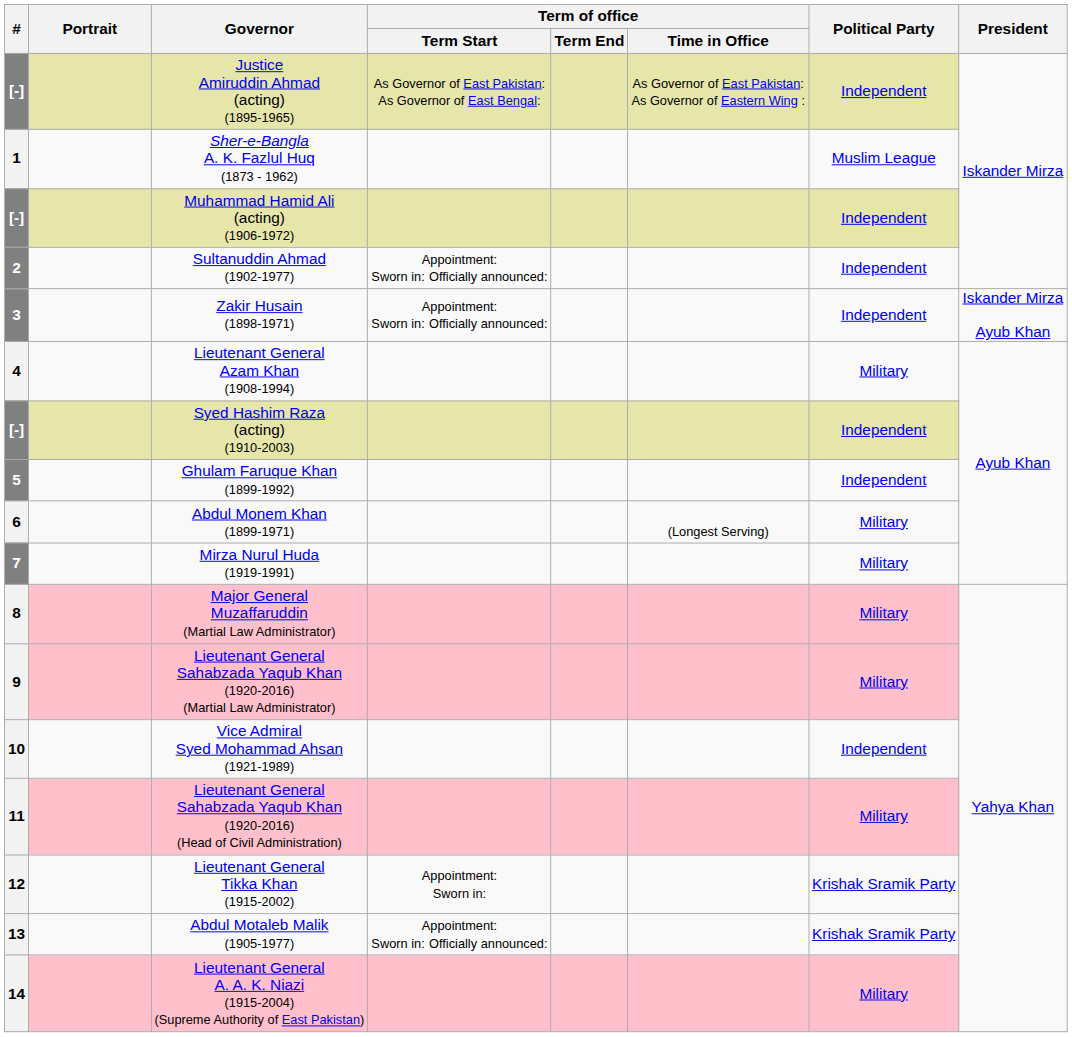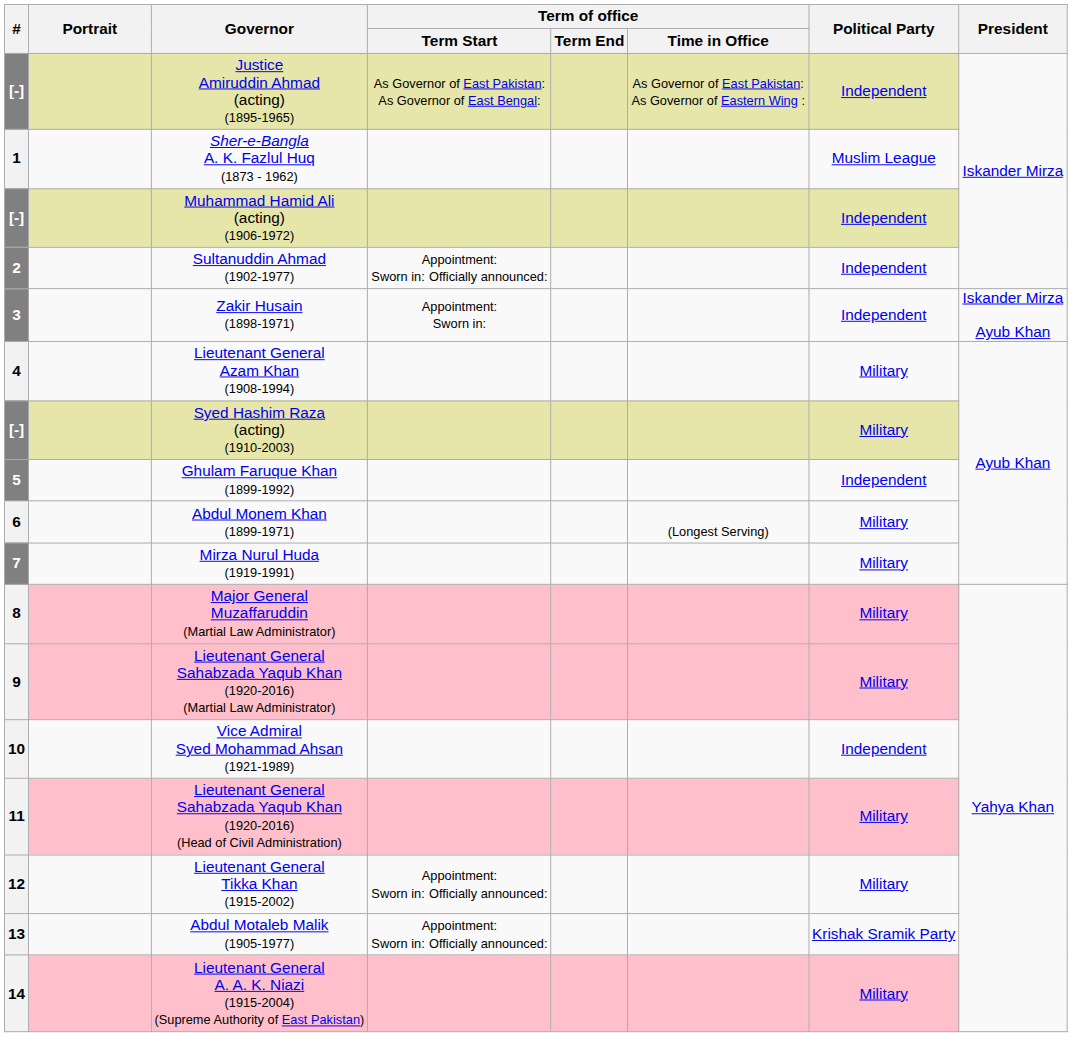 <table class="wikitable sortable" style="text-align:center">
 <tr>
 <th rowspan="2" class="unsortable">#</th>
 <th rowspan="2" class="unsortable" style="width:120px;">Portrait</th>
 <th rowspan="2">Governor</th>
 <th colspan="3">Term of office</th>
 <th rowspan="2">Political Party</th>
 <th rowspan="2">President</th>
 </tr>
 <tr>
 <th>Term Start</th>
 <th>Term End</th>
 <th>Time in Office</th>
 </tr>
 <tr>
 <td style="background-color:gray; color:white;"><strong>[-]</strong></td>
 <td style="background:#e6e6aa;"></td>
 <td style="background:#e6e6aa;"><a href='#'>Justice</a><br><a href='#'>Amiruddin Ahmad</a><br>(acting)<br><small>(1895-1965)</small></td>
 <td style="background:#e6e6aa;"><small>As Governor of <a href='#'>East Pakistan</a>:</small><br><small>As Governor of <a href='#'>East Bengal</a>:</small> </td>
 <td style="background:#e6e6aa;"></td>
 <td style="background:#e6e6aa;"><small>As Governor of <a href='#'>East Pakistan</a>:</small><br><small>As Governor of <a href='#'>Eastern Wing</a> :</small> </td>
 <td style="background:#e6e6aa;"><a href='#'>Independent</a></td>
 <td rowspan="4"><a href='#'>Iskander Mirza</a></td>
 </tr>
 <tr>
 <th style="background-color: ">1</th>
 <td></td>
 <td><em><a href='#'>Sher-e-Bangla</a></em><br><a href='#'>A. K. Fazlul Huq</a><br><small>(1873 - 1962)</small></td>
 <td></td>
 <td></td>
 <td></td>
 <td><a href='#'>Muslim League</a></td>
 </tr>
 <tr style="background:#e6e6aa;">
 <th style="background-color: gray; color:white"><strong>[-]</strong></th>
 <td></td>
 <td><a href='#'>Muhammad Hamid Ali</a><br>(acting)<br><small>(1906-1972)</small></td>
 <td></td>
 <td></td>
 <td></td>
 <td><a href='#'>Independent</a></td>
 </tr>
 <tr>
 <th style="background-color: gray; color:white">2</th>
 <td></td>
 <td><a href='#'>Sultanuddin Ahmad</a><br><small>(1902-1977)</small></td>
 <td><small>Appointment:</small><br><small>Sworn in:</small> <small>Officially announced:</small> </td>
 <td></td>
 <td></td>
 <td><a href='#'>Independent</a></td>
 </tr>
 <tr>
 <th style="background-color: gray; color:white">3</th>
 <td></td>
 <td><a href='#'>Zakir Husain</a><br><small>(1898-1971)</small></td>
-<td><small>Appointment:</small><br><small>Sworn in:</small> <small>Officially announced:</small> </td>
+<td><small>Appointment:</small><br><small>Sworn in:</small> </td>
 <td></td>
 <td></td>
 <td><a href='#'>Independent</a></td>
 <td style="padding:0;"><div><a href='#'>Iskander Mirza</a></div><br><div><a href='#'>Ayub Khan</a></div></td>
 </tr>
 <tr>
 <th style="background-color: ">4<br></th>
 <td></td>
 <td><a href='#'>Lieutenant General</a><br><a href='#'>Azam Khan</a><br><small>(1908-1994)</small></td>
 <td></td>
 <td></td>
 <td></td>
 <td><a href='#'>Military</a></td>
 <td rowspan="5"><a href='#'>Ayub Khan</a></td>
 </tr>
 <tr style="background:#e6e6aa;">
 <td style="background-color:gray; color:white;"><strong>[-]</strong></td>
 <td></td>
 <td><a href='#'>Syed Hashim Raza</a><br>(acting)<br><small>(1910-2003)</small></td>
 <td></td>
 <td></td>
 <td></td>
-<td><a href='#'>Independent</a></td>
+<td><a href='#'>Military</a></td>
 </tr>
 <tr>
 <th style="background-color: gray; color:white">5</th>
 <td></td>
 <td><a href='#'>Ghulam Faruque Khan</a><br><small>(1899-1992)</small></td>
 <td></td>
 <td></td>
 <td></td>
 <td><a href='#'>Independent</a></td>
 </tr>
 <tr>
 <th style="background-color: ">6</th>
 <td></td>
 <td><a href='#'>Abdul Monem Khan</a><br><small>(1899-1971)</small></td>
 <td></td>
 <td></td>
 <td><br><small>(Longest Serving)</small></td>
 <td><a href='#'>Military</a></td>
 </tr>
 <tr>
 <th style="background-color: gray; color:white">7</th>
 <td></td>
 <td><a href='#'>Mirza Nurul Huda</a><br><small>(1919-1991)</small></td>
 <td></td>
 <td></td>
 <td></td>
 <td><a href='#'>Military</a></td>
 </tr>
 <tr>
 <th style="background-color: ">8<br></th>
 <td style="background-color: pink;"></td>
 <td style="background-color: pink;"><a href='#'>Major General</a><br><a href='#'>Muzaffaruddin</a><br><small>(Martial Law Administrator)</small></td>
 <td style="background-color: pink;"></td>
 <td style="background-color: pink;"></td>
 <td style="background-color: pink;"></td>
 <td style="background-color: pink;"><a href='#'>Military</a></td>
 <td rowspan="7"><a href='#'>Yahya Khan</a></td>
 </tr>
 <tr style="background-color: pink;">
 <th style="background-color: ">9<br></th>
 <td></td>
 <td><a href='#'>Lieutenant General</a><br><a href='#'>Sahabzada Yaqub Khan</a><br><small>(1920-2016)</small><br><small>(Martial Law Administrator)</small></td>
 <td></td>
 <td></td>
 <td></td>
 <td><a href='#'>Military</a></td>
 </tr>
 <tr>
 <th style="background-color: ">10<br></th>
 <td></td>
 <td><a href='#'>Vice Admiral</a><br><a href='#'>Syed Mohammad Ahsan</a><br><small>(1921-1989)</small></td>
 <td></td>
 <td></td>
 <td></td>
 <td><a href='#'>Independent</a></td>
 </tr>
 <tr style="background-color: pink;">
 <th style="background-color: ">11<br></th>
 <td></td>
 <td><a href='#'>Lieutenant General</a><br><a href='#'>Sahabzada Yaqub Khan</a><br><small>(1920-2016)</small><br><small>(Head of Civil Administration)</small></td>
 <td></td>
 <td></td>
 <td></td>
 <td><a href='#'>Military</a></td>
 </tr>
 <tr>
 <th style="background-color: ">12<br></th>
 <td></td>
 <td><a href='#'>Lieutenant General</a><br><a href='#'>Tikka Khan</a><br><small>(1915-2002)</small></td>
-<td><small>Appointment:</small><br><small>Sworn in:</small> </td>
+<td><small>Appointment:</small><br><small>Sworn in:</small> <small>Officially announced:</small> </td>
 <td></td>
 <td></td>
-<td><a href='#'>Krishak Sramik Party</a></td>
+<td><a href='#'>Military</a></td>
 </tr>
 <tr>
 <th style="background-color: ">13</th>
 <td></td>
 <td><a href='#'>Abdul Motaleb Malik</a><br><small>(1905-1977)</small></td>
 <td><small>Appointment:</small><br><small>Sworn in:</small> <small>Officially announced:</small> </td>
 <td></td>
 <td></td>
 <td><a href='#'>Krishak Sramik Party</a></td>
 </tr>
 <tr style="background-color: pink;">
 <th style="background-color: ">14<br></th>
 <td></td>
 <td><a href='#'>Lieutenant General</a><br><a href='#'>A. A. K. Niazi</a><br><small>(1915-2004)</small><br><small>(Supreme Authority of <a href='#'>East Pakistan</a>)</small></td>
 <td></td>
 <td></td>
 <td></td>
 <td><a href='#'>Military</a></td>
 </tr>
 </table>
